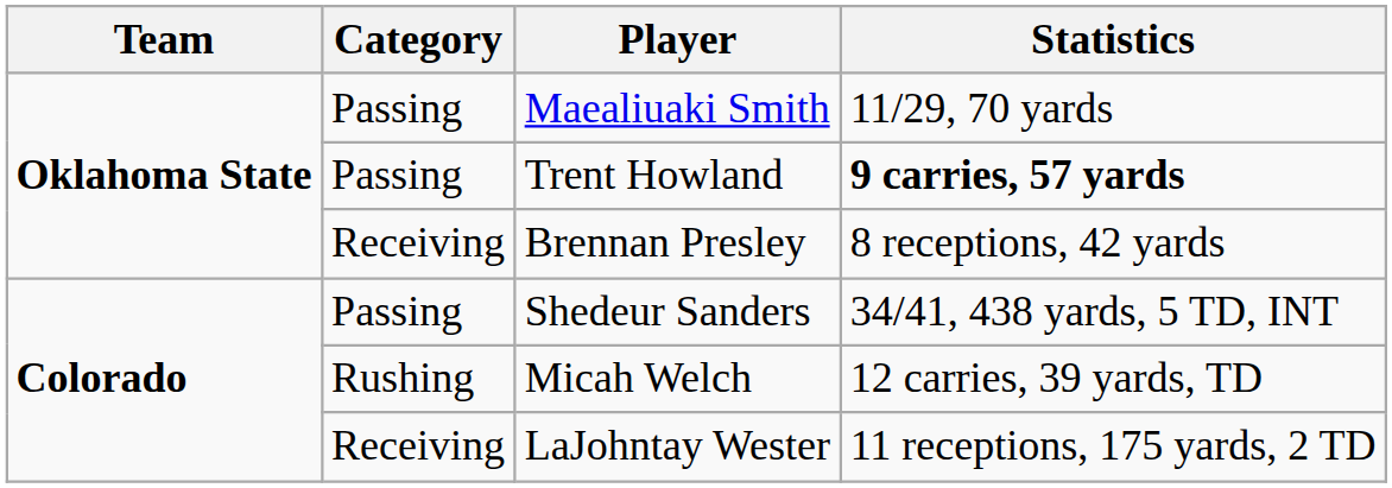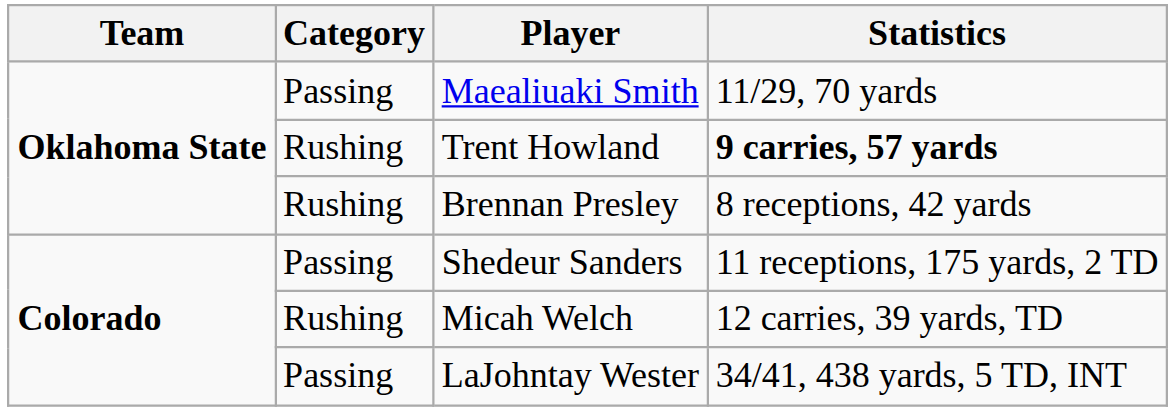 <table class="wikitable" style="float: right;">
 <tr>
 <th>Team</th>
 <th>Category</th>
 <th>Player</th>
 <th>Statistics</th>
 </tr>
 <tr>
 <td rowspan=3><strong>Oklahoma State</strong></td>
 <td>Passing</td>
 <td><a href='#'>Maealiuaki Smith</a></td>
 <td>11/29, 70 yards</td>
 </tr>
 <tr>
-<td>Passing</td>
+<td>Rushing</td>
 <td>Trent Howland</td>
 <td><strong>9 carries, 57 yards</strong></td>
 </tr>
 <tr>
-<td>Receiving</td>
+<td>Rushing</td>
 <td>Brennan Presley</td>
 <td>8 receptions, 42 yards</td>
 </tr>
 <tr>
 <td rowspan=3><strong>Colorado</strong></td>
 <td>Passing</td>
 <td>Shedeur Sanders</td>
-<td>34/41, 438 yards, 5 TD, INT</td>
+<td>11 receptions, 175 yards, 2 TD</td>
 </tr>
 <tr>
 <td>Rushing</td>
 <td>Micah Welch</td>
 <td>12 carries, 39 yards, TD</td>
 </tr>
 <tr>
-<td>Receiving</td>
+<td>Passing</td>
 <td>LaJohntay Wester</td>
-<td>11 receptions, 175 yards, 2 TD</td>
+<td>34/41, 438 yards, 5 TD, INT</td>
 </tr>
 </table>
